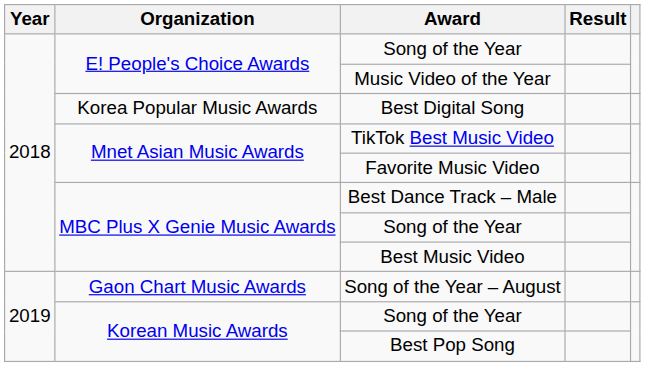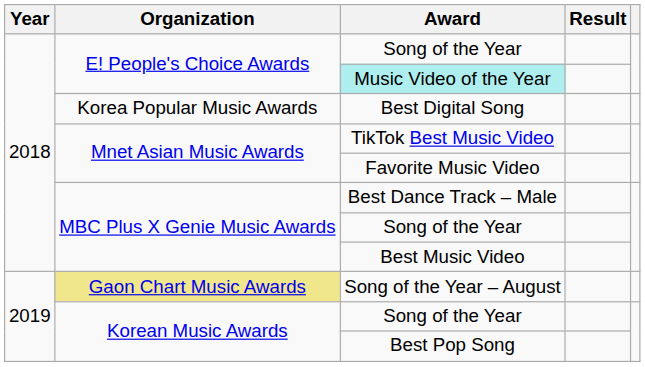 <table class="sortable wikitable">
 <tr>
 <th>Year</th>
 <th>Organization</th>
 <th>Award</th>
 <th>Result</th>
 <th class="unsortable"></th>
 </tr>
 <tr>
 <td align="center" rowspan="8">2018</td>
 <td align="center" rowspan="2"><a href='#'>E! People's Choice Awards</a></td>
 <td align="center">Song of the Year</td>
 <td></td>
 <td align="center" rowspan=2></td>
 </tr>
 <tr>
-<td align="center">Music Video of the Year</td>
+<td align="center" style="background: paleturquoise;">Music Video of the Year</td>
 <td></td>
 </tr>
 <tr>
 <td align="center" rowspan="1">Korea Popular Music Awards</td>
 <td align="center">Best Digital Song</td>
 <td></td>
 <td align="center"></td>
 </tr>
 <tr>
 <td align="center" rowspan="2"><a href='#'>Mnet Asian Music Awards</a></td>
 <td align="center">TikTok <a href='#'>Best Music Video</a></td>
 <td></td>
 <td align="center" rowspan="2"></td>
 </tr>
 <tr>
 <td align="center">Favorite Music Video</td>
 <td></td>
 </tr>
 <tr>
 <td align="center" rowspan=3><a href='#'>MBC Plus X Genie Music Awards</a></td>
 <td align="center">Best Dance Track – Male</td>
 <td></td>
 <td align="center" rowspan="3"></td>
 </tr>
 <tr>
 <td align="center">Song of the Year</td>
 <td></td>
 </tr>
 <tr>
 <td align="center">Best Music Video</td>
 <td></td>
 </tr>
 <tr>
 <td align="center" rowspan="3">2019</td>
-<td align="center"><a href='#'>Gaon Chart Music Awards</a></td>
+<td align="center" style="background: khaki;"><a href='#'>Gaon Chart Music Awards</a></td>
 <td align="center">Song of the Year – August</td>
 <td></td>
 <td align="center"></td>
 </tr>
 <tr>
 <td align="center" rowspan="2"><a href='#'>Korean Music Awards</a></td>
 <td align="center">Song of the Year</td>
 <td></td>
 <td align="center" rowspan="2"></td>
 </tr>
 <tr>
 <td align="center">Best Pop Song</td>
 <td></td>
 </tr>
 </table>
